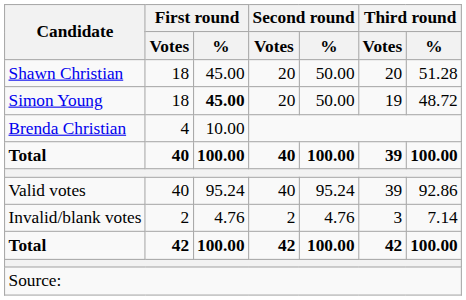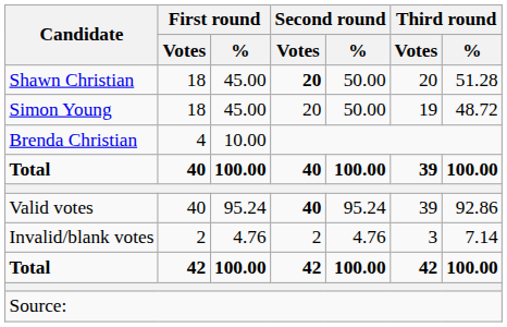 <table class="wikitable sortable" style=text-align:right>
 <tr>
 <th rowspan=2>Candidate</th>
 <th colspan=2>First round</th>
 <th colspan=2>Second round</th>
 <th colspan=2>Third round</th>
 </tr>
 <tr>
 <th>Votes</th>
 <th>%</th>
 <th>Votes</th>
 <th>%</th>
 <th>Votes</th>
 <th>%</th>
 </tr>
 <tr>
 <td align=left><a href='#'>Shawn Christian</a></td>
 <td>18</td>
 <td>45.00</td>
-<td>20</td>
+<td><strong>20</strong></td>
 <td>50.00</td>
 <td>20</td>
 <td>51.28</td>
 </tr>
 <tr>
 <td align=left><a href='#'>Simon Young</a></td>
 <td>18</td>
-<td><strong>45.00</strong></td>
+<td>45.00</td>
 <td>20</td>
 <td>50.00</td>
 <td>19</td>
 <td>48.72</td>
 </tr>
 <tr>
 <td align=left><a href='#'>Brenda Christian</a></td>
 <td>4</td>
 <td>10.00</td>
 <td colspan=4></td>
 </tr>
 <tr class=sortbottom>
 <td align=left><strong>Total</strong></td>
 <td><strong>40</strong></td>
 <td><strong>100.00</strong></td>
 <td><strong>40</strong></td>
 <td><strong>100.00</strong></td>
 <td><strong>39</strong></td>
 <td><strong>100.00</strong></td>
 </tr>
 <tr class=sortbottom>
 <th colspan=7></th>
 </tr>
 <tr class=sortbottom>
 <td align=left>Valid votes</td>
 <td>40</td>
 <td>95.24</td>
-<td>40</td>
+<td><strong>40</strong></td>
 <td>95.24</td>
 <td>39</td>
 <td>92.86</td>
 </tr>
 <tr class=sortbottom>
 <td align=left>Invalid/blank votes</td>
 <td>2</td>
 <td>4.76</td>
 <td>2</td>
 <td>4.76</td>
 <td>3</td>
 <td>7.14</td>
 </tr>
 <tr class=sortbottom>
 <td align=left><strong>Total</strong></td>
 <td><strong>42</strong></td>
 <td><strong>100.00</strong></td>
 <td><strong>42</strong></td>
 <td><strong>100.00</strong></td>
 <td><strong>42</strong></td>
 <td><strong>100.00</strong></td>
 </tr>
 <tr class=sortbottom>
 <th colspan=7></th>
 </tr>
 <tr class=sortbottom>
 <td align=left colspan=7>Source: </td>
 </tr>
 </table>
